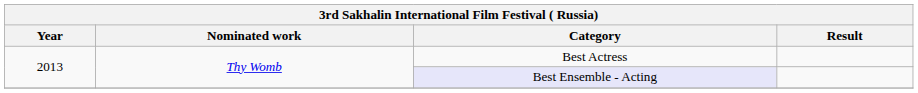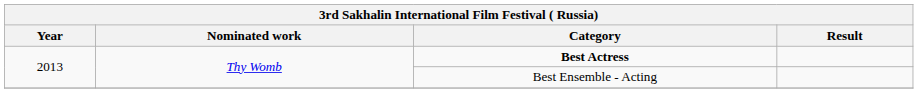 <table width="70%" class="wikitable sortable">
 <tr>
 <th colspan="4" align="center">3rd Sakhalin International Film Festival ( Russia)</th>
 </tr>
 <tr>
 <th width="10%">Year</th>
 <th width="35%">Nominated work</th>
 <th width="40%">Category</th>
 <th width="15%">Result</th>
 </tr>
 <tr>
 <td rowspan = 2 align="center">2013</td>
 <td rowspan = 2 align="center"><em><a href='#'>Thy Womb</a></em></td>
-<td align="center">Best Actress</td>
+<td align="center"><strong>Best Actress</strong></td>
 <td></td>
 </tr>
 <tr>
-<td align="center" style="background: lavender;">Best Ensemble - Acting</td>
+<td align="center">Best Ensemble - Acting</td>
 <td></td>
 </tr>
 <tr>
 </tr>
 </table>
